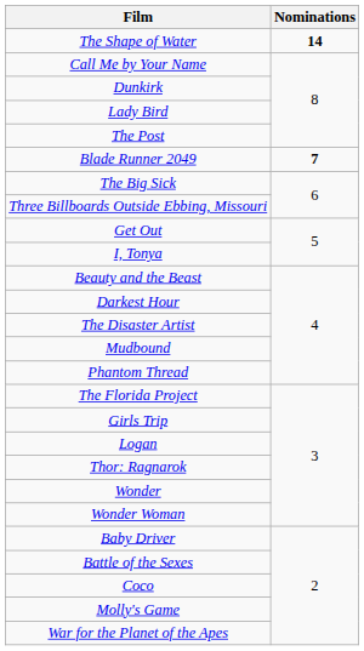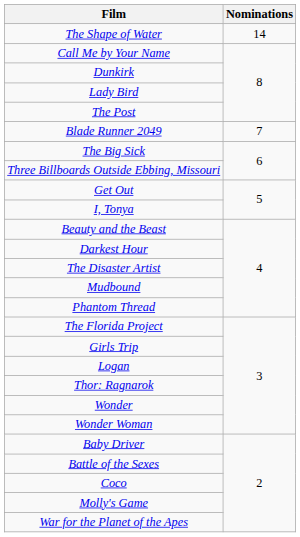 <table class="wikitable" rowspan="2" style="text-align:center;" background: #f6e39c;>
 <tr>
 <th scope="col" style="text-align:center;">Film</th>
 <th scope="col" style="width:55px;">Nominations</th>
 </tr>
 <tr>
 <td><em><a href='#'>The Shape of Water</a></em></td>
-<td style="text-align:center"><strong>14</strong></td>
+<td style="text-align:center">14</td>
 </tr>
 <tr>
 <td><em><a href='#'>Call Me by Your Name</a></em></td>
 <td rowspan="4" style="text-align:center">8</td>
 </tr>
 <tr>
 <td><em><a href='#'>Dunkirk</a></em></td>
 </tr>
 <tr>
 <td><em><a href='#'>Lady Bird</a></em></td>
 </tr>
 <tr>
 <td><em><a href='#'>The Post</a></em></td>
 </tr>
 <tr>
 <td><em><a href='#'>Blade Runner 2049</a></em></td>
-<td style="text-align:center"><strong>7</strong></td>
+<td style="text-align:center">7</td>
 </tr>
 <tr>
 <td><em><a href='#'>The Big Sick</a></em></td>
 <td rowspan="2" style="text-align:center">6</td>
 </tr>
 <tr>
 <td><em><a href='#'>Three Billboards Outside Ebbing, Missouri</a></em></td>
 </tr>
 <tr>
 <td><em><a href='#'>Get Out</a></em></td>
 <td rowspan="2" style="text-align:center">5</td>
 </tr>
 <tr>
 <td><em><a href='#'>I, Tonya</a></em></td>
 </tr>
 <tr>
 <td><em><a href='#'>Beauty and the Beast</a></em></td>
 <td rowspan="5" style="text-align:center">4</td>
 </tr>
 <tr>
 <td><em><a href='#'>Darkest Hour</a></em></td>
 </tr>
 <tr>
 <td><em><a href='#'>The Disaster Artist</a></em></td>
 </tr>
 <tr>
 <td><em><a href='#'>Mudbound</a></em></td>
 </tr>
 <tr>
 <td><em><a href='#'>Phantom Thread</a></em></td>
 </tr>
 <tr>
 <td><em><a href='#'>The Florida Project</a></em></td>
 <td rowspan="6" style="text-align:center">3</td>
 </tr>
 <tr>
 <td><em><a href='#'>Girls Trip</a></em></td>
 </tr>
 <tr>
 <td><em><a href='#'>Logan</a></em></td>
 </tr>
 <tr>
 <td><em><a href='#'>Thor: Ragnarok</a></em></td>
 </tr>
 <tr>
 <td><em><a href='#'>Wonder</a></em></td>
 </tr>
 <tr>
 <td><em><a href='#'>Wonder Woman</a></em></td>
 </tr>
 <tr>
 <td><em><a href='#'>Baby Driver</a></em></td>
 <td rowspan="5" style="text-align:center">2</td>
 </tr>
 <tr>
 <td><em><a href='#'>Battle of the Sexes</a></em></td>
 </tr>
 <tr>
 <td><em><a href='#'>Coco</a></em></td>
 </tr>
 <tr>
 <td><em><a href='#'>Molly's Game</a></em></td>
 </tr>
 <tr>
 <td><em><a href='#'>War for the Planet of the Apes</a></em></td>
 </tr>
 </table>
